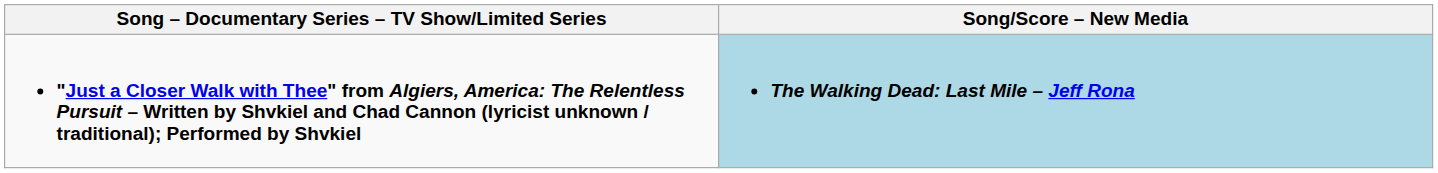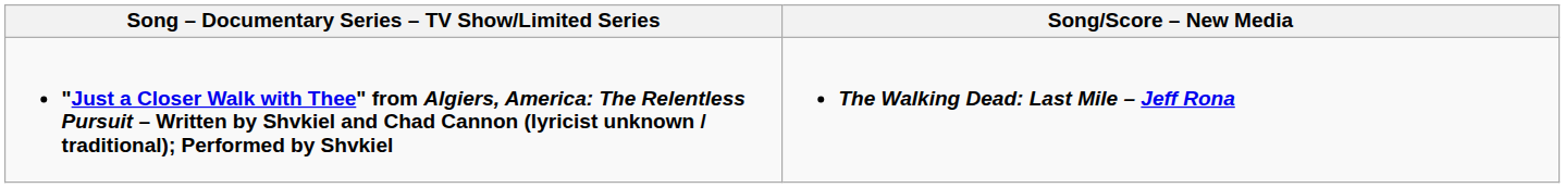 <table class="wikitable" style="width:95%">
 <tr>
 <th width="50%">Song – Documentary Series – TV Show/Limited Series</th>
 <th width="50%">Song/Score – New Media</th>
 </tr>
 <tr>
 <td valign="top"><br><ul><li><strong>"<a href='#'>Just a Closer Walk with Thee</a>" from <em>Algiers, America: The Relentless Pursuit</em> – Written by Shvkiel and Chad Cannon (lyricist unknown / traditional); Performed by Shvkiel</strong></li></ul></td>
-<td valign="top" style="background: lightblue;"><br><ul><li><strong><em>The Walking Dead: Last Mile<em> – <a href='#'>Jeff Rona</a><strong></li></ul></td>
+<td valign="top"><br><ul><li><strong><em>The Walking Dead: Last Mile<em> – <a href='#'>Jeff Rona</a><strong></li></ul></td>
 </tr>
 </table>
